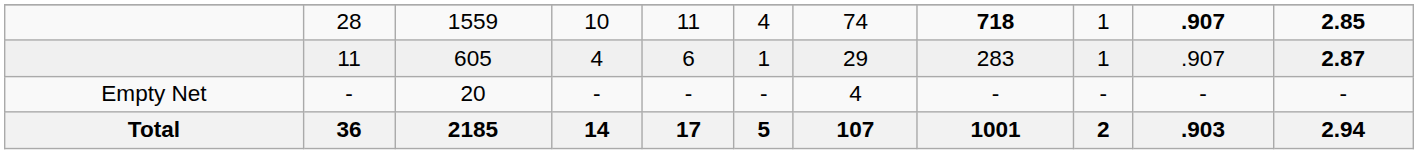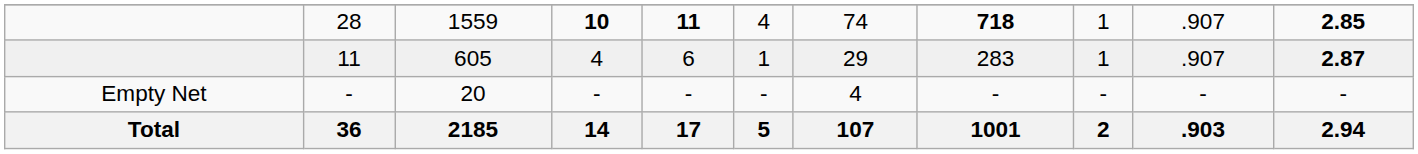 <table class="wikitable sortable" width ="1000">
 <tr align="center">
 </tr>
 <tr align="center" bgcolor="">
 <td></td>
 <td>28</td>
 <td>1559</td>
-<td>10</td>
-<td>11</td>
+<td><strong>10</strong></td>
+<td><strong>11</strong></td>
 <td>4</td>
 <td>74</td>
 <td><strong>718</strong></td>
 <td>1</td>
-<td><strong>.907</strong></td>
+<td>.907</td>
 <td><strong>2.85</strong></td>
 </tr>
 <tr align="center" bgcolor="f0f0f0">
 <td></td>
 <td>11</td>
 <td>605</td>
 <td>4</td>
 <td>6</td>
 <td>1</td>
 <td>29</td>
 <td>283</td>
 <td>1</td>
 <td>.907</td>
 <td><strong>2.87</strong></td>
 </tr>
 <tr align="center" bgcolor="">
 <td>Empty Net</td>
 <td>-</td>
 <td>20</td>
 <td>-</td>
 <td>-</td>
 <td>-</td>
 <td>4</td>
 <td>-</td>
 <td>-</td>
 <td>-</td>
 <td>-</td>
 </tr>
 <tr>
 <th>Total</th>
 <th>36</th>
 <th>2185</th>
 <th>14</th>
 <th>17</th>
 <th>5</th>
 <th>107</th>
 <th>1001</th>
 <th>2</th>
 <th>.903</th>
 <th>2.94</th>
 </tr>
 </table>
